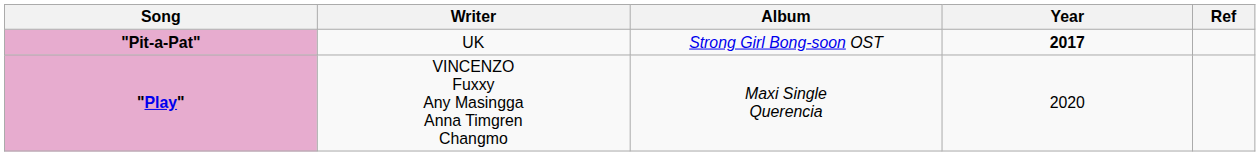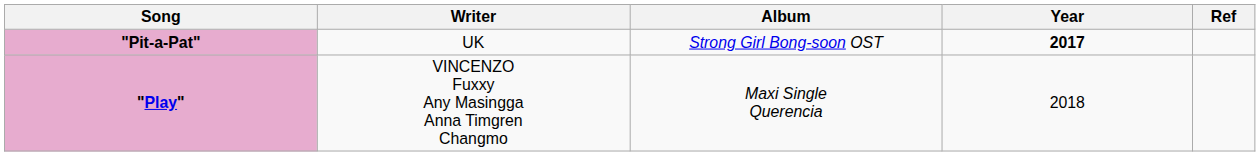 <table class="wikitable" style="text-align:center; width:100%">
 <tr>
 <th style="width:25%">Song</th>
 <th style="width:25%">Writer</th>
 <th style="width:25%">Album</th>
 <th style="width:20%">Year</th>
 <th style="width:5%">Ref</th>
 </tr>
 <tr>
 <th scope="row" style="background-color:#E7ACCF">"Pit-a-Pat"  </th>
 <td>UK</td>
 <td><em><a href='#'>Strong Girl Bong-soon</a>  OST</em></td>
 <td><strong>2017</strong></td>
 <td></td>
 </tr>
 <tr>
 <th scope="row" style="background-color:#E7ACCF">"<a href='#'>Play</a>"  </th>
 <td>VINCENZO<br>Fuxxy<br>Any Masingga<br>Anna Timgren<br>Changmo</td>
 <td><em>Maxi Single</em><br><em>Querencia</em></td>
-<td>2020</td>
+<td>2018</td>
 <td></td>
 </tr>
 </table>
